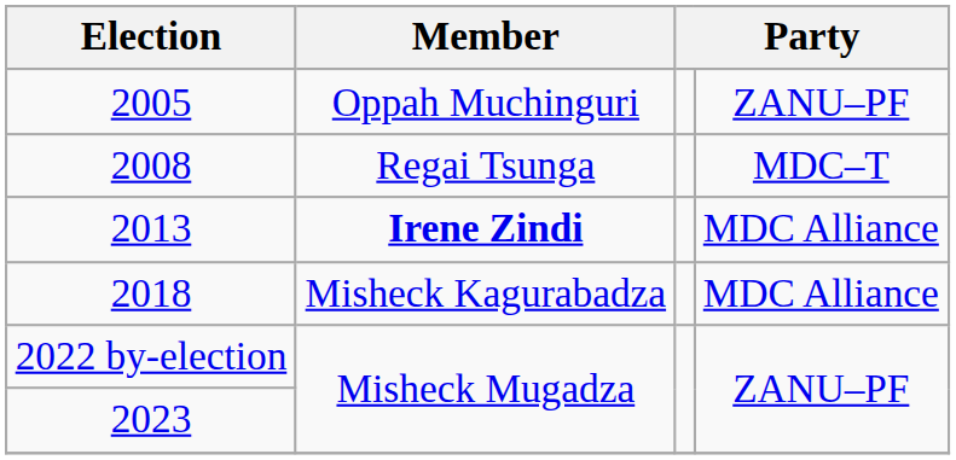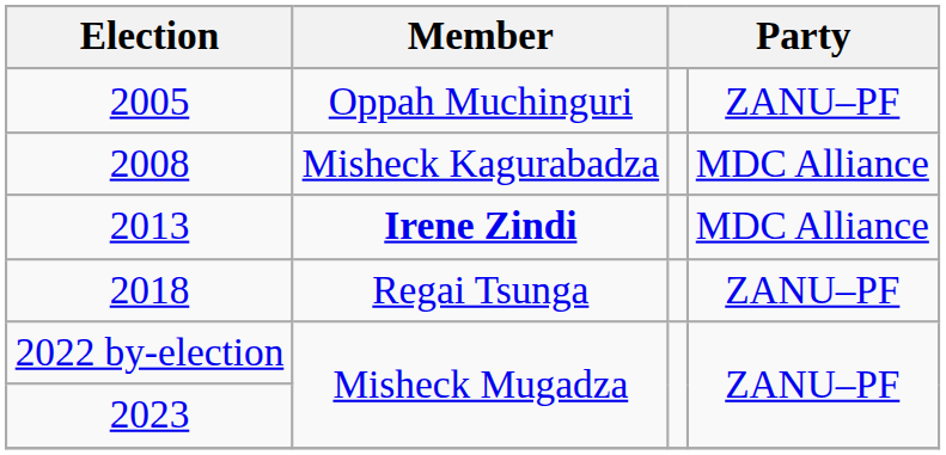 <table class="wikitable" style="text-align:center">
 <tr>
 <th>Election</th>
 <th>Member</th>
 <th colspan="2">Party</th>
 </tr>
 <tr>
 <td><a href='#'>2005</a></td>
 <td><a href='#'>Oppah Muchinguri</a></td>
 <td style="background-color: "></td>
 <td><a href='#'>ZANU–PF</a></td>
 </tr>
 <tr>
 <td><a href='#'>2008</a></td>
-<td><a href='#'>Regai Tsunga</a></td>
+<td><a href='#'>Misheck Kagurabadza</a></td>
 <td style="background-color: "></td>
-<td><a href='#'>MDC–T</a></td>
+<td><a href='#'>MDC Alliance</a></td>
 </tr>
 <tr>
 <td><a href='#'>2013</a></td>
 <td><strong><a href='#'>Irene Zindi</a></strong></td>
 <td style="background-color: "></td>
 <td><a href='#'>MDC Alliance</a></td>
 </tr>
 <tr>
 <td><a href='#'>2018</a></td>
-<td><a href='#'>Misheck Kagurabadza</a></td>
+<td><a href='#'>Regai Tsunga</a></td>
 <td style="background-color: "></td>
-<td><a href='#'>MDC Alliance</a></td>
+<td><a href='#'>ZANU–PF</a></td>
 </tr>
 <tr>
 <td><a href='#'>2022 by-election</a></td>
 <td rowspan="2"><a href='#'>Misheck Mugadza</a></td>
 <td rowspan="2" style="background-color: "></td>
 <td rowspan="2"><a href='#'>ZANU–PF</a></td>
 </tr>
 <tr>
 <td><a href='#'>2023</a></td>
 </tr>
 <tr>
 </tr>
 </table>
